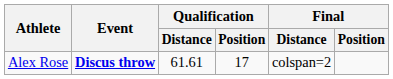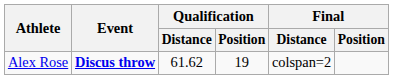 <table class=wikitable style=font-size:90%>
 <tr>
 <th rowspan=2>Athlete</th>
 <th rowspan=2>Event</th>
 <th colspan=2>Qualification</th>
 <th colspan=2>Final</th>
 </tr>
 <tr style=font-size:95%>
 <th>Distance</th>
 <th>Position</th>
 <th>Distance</th>
 <th>Position</th>
 </tr>
 <tr align=center>
 <td align=left><a href='#'>Alex Rose</a></td>
 <td align=left><strong><a href='#'>Discus throw</a></strong></td>
-<td>61.61</td>
-<td>17</td>
+<td>61.62</td>
+<td>19</td>
 <td>colspan=2 </td>
 </tr>
 </table>
